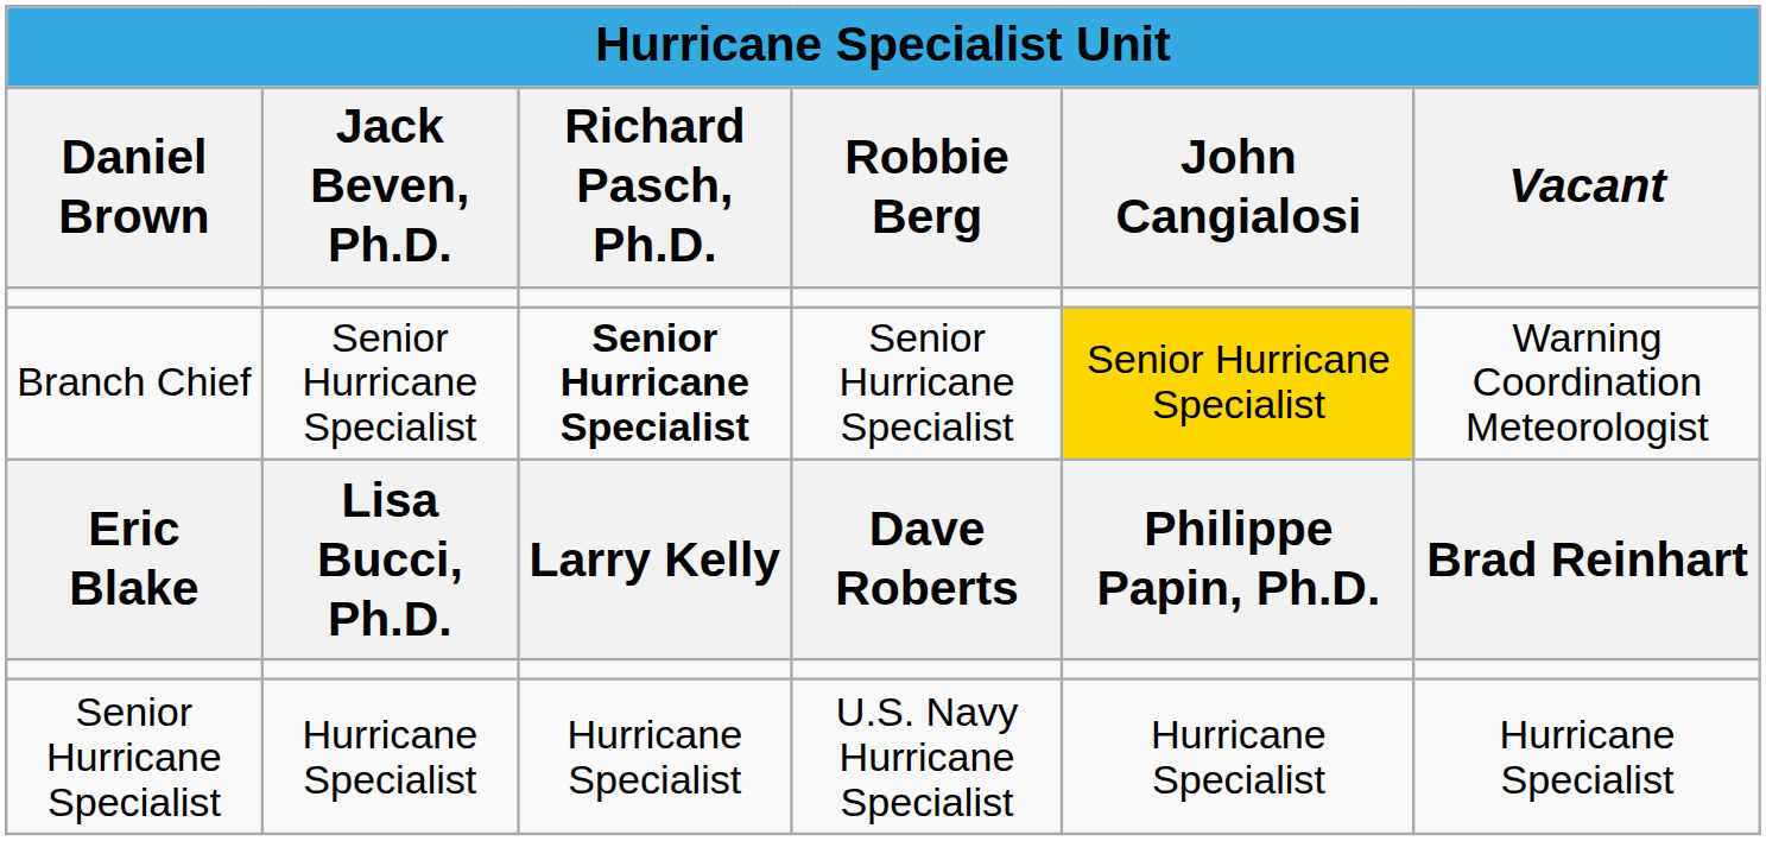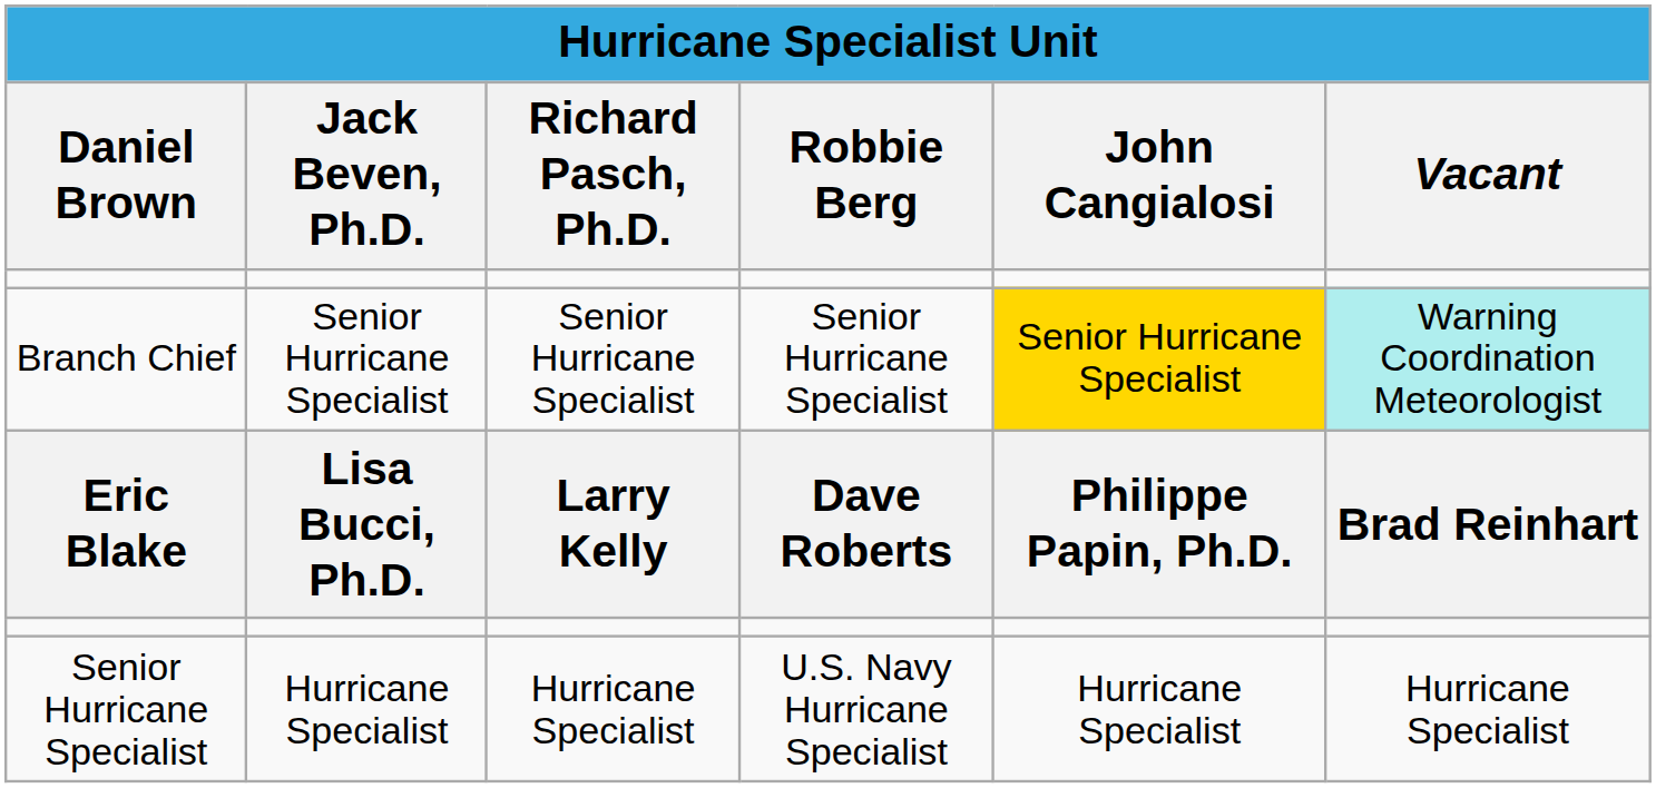 <table class="wikitable" style="text-align:center; margin-left: auto; margin-right: auto; border: none; font-size:90%">
 <tr>
 <td colspan="9" style="text-align:center; width:700px; font-size:120%; color:black; background:#34AAE0;"><strong>Hurricane Specialist Unit</strong></td>
 </tr>
 <tr>
 <th scope="col" style="width:3em; font-size:120%;">Daniel Brown</th>
 <th scope="col" style="width:3em; font-size:120%;">Jack Beven, Ph.D.</th>
 <th scope="col" style="width:3em; font-size:120%;">Richard Pasch, Ph.D.</th>
 <th scope="col" style="width:3em; font-size:120%;">Robbie Berg</th>
 <th scope="col" style="width:3em; font-size:120%;">John Cangialosi</th>
 <th scope="col" style="width:3em; font-size:120%;"><em>Vacant</em></th>
 </tr>
 <tr>
 <td></td>
 <td></td>
 <td></td>
 <td></td>
 <td></td>
 <td></td>
 </tr>
 <tr>
 <td>Branch Chief</td>
 <td>Senior Hurricane Specialist</td>
-<td><strong>Senior Hurricane Specialist</strong></td>
+<td>Senior Hurricane Specialist</td>
 <td>Senior Hurricane Specialist</td>
 <td style="background: gold;">Senior Hurricane Specialist</td>
-<td>Warning Coordination Meteorologist</td>
+<td style="background: paleturquoise;">Warning Coordination Meteorologist</td>
 </tr>
 <tr>
 <th scope="col" style="width:3em; font-size:120%;">Eric Blake</th>
 <th scope="col" style="width:3em; font-size:120%;">Lisa Bucci, Ph.D.</th>
 <th scope="col" style="width:3em; font-size:120%;">Larry Kelly</th>
 <th scope="col" style="width:3em; font-size:120%;">Dave Roberts</th>
 <th scope="col" style="width:3em; font-size:120%;">Philippe Papin, Ph.D.</th>
 <th scope="col" style="width:3em; font-size:120%;">Brad Reinhart</th>
 </tr>
 <tr>
 <td></td>
 <td></td>
 <td></td>
 <td></td>
 <td></td>
 <td></td>
 </tr>
 <tr>
 <td>Senior Hurricane Specialist</td>
 <td>Hurricane Specialist</td>
 <td>Hurricane Specialist</td>
 <td>U.S. Navy Hurricane Specialist</td>
 <td>Hurricane Specialist</td>
 <td>Hurricane Specialist</td>
 </tr>
 <tr>
 </tr>
 </table>
